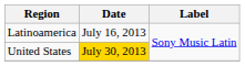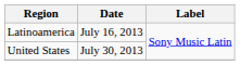 <table class="wikitable">
 <tr>
 <th>Region</th>
 <th>Date</th>
 <th>Label</th>
 </tr>
 <tr>
 <td>Latinoamerica</td>
 <td>July 16, 2013</td>
 <td rowspan="2" align="center"><a href='#'>Sony Music Latin</a></td>
 </tr>
 <tr>
 <td>United States</td>
-<td style="background: gold;">July 30, 2013</td>
+<td>July 30, 2013</td>
 </tr>
 <tr>
 </tr>
 </table>
